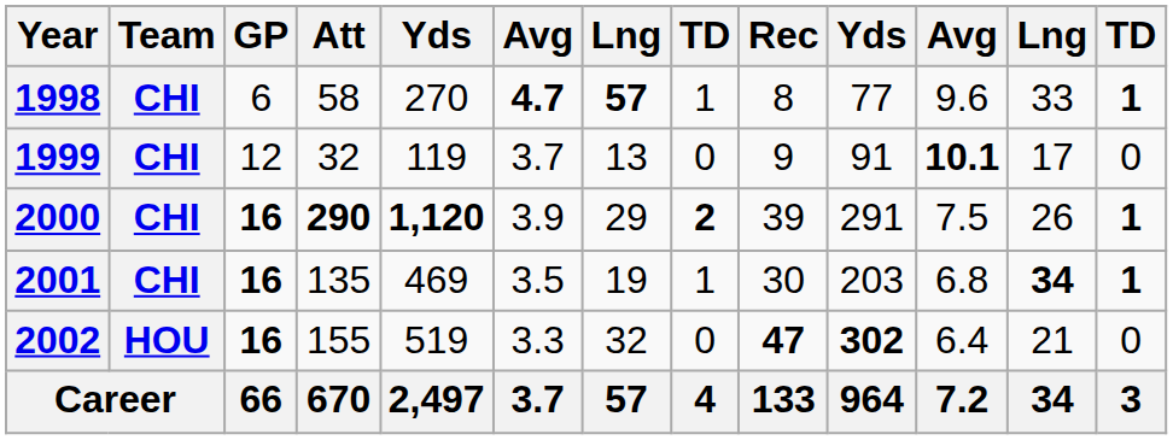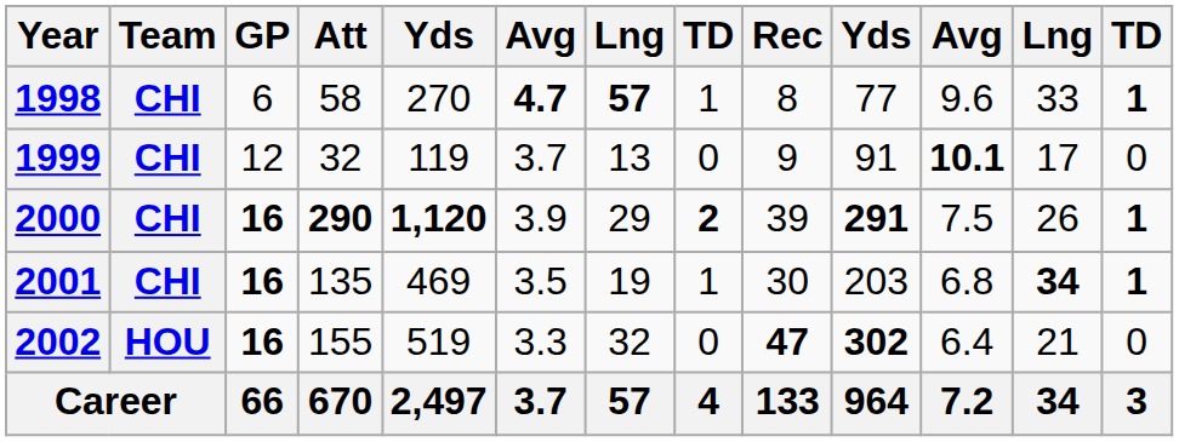 <table class="wikitable" style="text-align:center;">
 <tr>
 <th>Year</th>
 <th>Team</th>
 <th>GP</th>
 <th>Att</th>
 <th>Yds</th>
 <th>Avg</th>
 <th>Lng</th>
 <th>TD</th>
 <th>Rec</th>
 <th>Yds</th>
 <th>Avg</th>
 <th>Lng</th>
 <th>TD</th>
 </tr>
 <tr>
 <th><a href='#'>1998</a></th>
 <th><a href='#'>CHI</a></th>
 <td>6</td>
 <td>58</td>
 <td>270</td>
 <td><strong>4.7</strong></td>
 <td><strong>57</strong></td>
 <td>1</td>
 <td>8</td>
 <td>77</td>
 <td>9.6</td>
 <td>33</td>
 <td><strong>1</strong></td>
 </tr>
 <tr>
 <th><a href='#'>1999</a></th>
 <th><a href='#'>CHI</a></th>
 <td>12</td>
 <td>32</td>
 <td>119</td>
 <td>3.7</td>
 <td>13</td>
 <td>0</td>
 <td>9</td>
 <td>91</td>
 <td><strong>10.1</strong></td>
 <td>17</td>
 <td>0</td>
 </tr>
 <tr>
 <th><a href='#'>2000</a></th>
 <th><a href='#'>CHI</a></th>
 <td><strong>16</strong></td>
 <td><strong>290</strong></td>
 <td><strong>1,120</strong></td>
 <td>3.9</td>
 <td>29</td>
 <td><strong>2</strong></td>
 <td>39</td>
-<td>291</td>
+<td><strong>291</strong></td>
 <td>7.5</td>
 <td>26</td>
 <td><strong>1</strong></td>
 </tr>
 <tr>
 <th><a href='#'>2001</a></th>
 <th><a href='#'>CHI</a></th>
 <td><strong>16</strong></td>
 <td>135</td>
 <td>469</td>
 <td>3.5</td>
 <td>19</td>
 <td>1</td>
 <td>30</td>
 <td>203</td>
 <td>6.8</td>
 <td><strong>34</strong></td>
 <td><strong>1</strong></td>
 </tr>
 <tr>
 <th><a href='#'>2002</a></th>
 <th><a href='#'>HOU</a></th>
 <td><strong>16</strong></td>
 <td>155</td>
 <td>519</td>
 <td>3.3</td>
 <td>32</td>
 <td>0</td>
 <td><strong>47</strong></td>
 <td><strong>302</strong></td>
 <td>6.4</td>
 <td>21</td>
 <td>0</td>
 </tr>
 <tr>
 <th colspan="2">Career</th>
 <th>66</th>
 <th>670</th>
 <th>2,497</th>
 <th>3.7</th>
 <th>57</th>
 <th>4</th>
 <th>133</th>
 <th>964</th>
 <th>7.2</th>
 <th>34</th>
 <th>3</th>
 </tr>
 </table>
